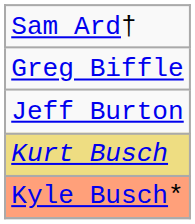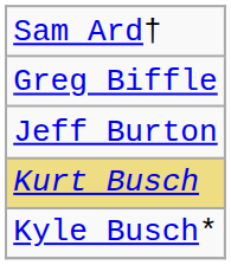 <table class="wikitable" style="float:left;">
 <tr>
 <td><a href='#'>Sam Ard</a>†</td>
 </tr>
 <tr>
 <td><a href='#'>Greg Biffle</a></td>
 </tr>
 <tr>
 <td><a href='#'>Jeff Burton</a></td>
 </tr>
 <tr>
 <td style="background:#eedd82"><em><a href='#'>Kurt Busch</a></em></td>
 </tr>
 <tr>
-<td style="background: lightsalmon;"><a href='#'>Kyle Busch</a>*</td>
+<td><a href='#'>Kyle Busch</a>*</td>
 </tr>
 <tr>
 </tr>
 </table>
